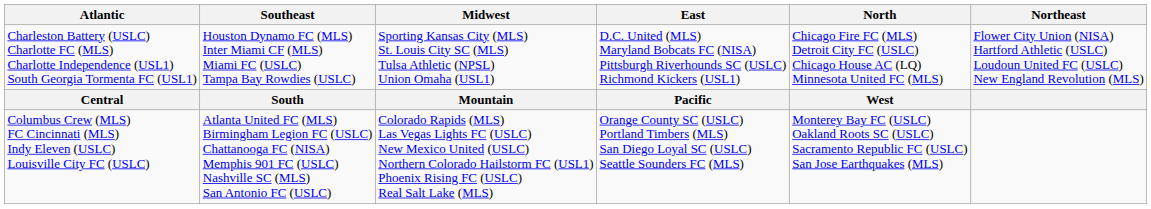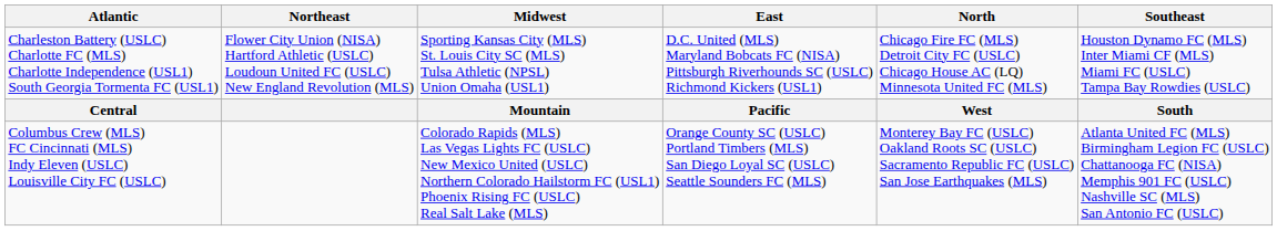 <table class="wikitable">
 <tr>
 <th>Atlantic</th>
-<th>Southeast</th>
+<th>Northeast</th>
 <th>Midwest</th>
 <th>East</th>
 <th>North</th>
-<th>Northeast</th>
+<th>Southeast</th>
 </tr>
 <tr valign=top>
 <td><a href='#'>Charleston Battery</a> (<a href='#'>USLC</a>)<br><a href='#'>Charlotte FC</a> (<a href='#'>MLS</a>)<br><a href='#'>Charlotte Independence</a> (<a href='#'>USL1</a>)<br><a href='#'>South Georgia Tormenta FC</a> (<a href='#'>USL1</a>)</td>
-<td><a href='#'>Houston Dynamo FC</a> (<a href='#'>MLS</a>)<br><a href='#'>Inter Miami CF</a> (<a href='#'>MLS</a>)<br><a href='#'>Miami FC</a> (<a href='#'>USLC</a>)<br><a href='#'>Tampa Bay Rowdies</a> (<a href='#'>USLC</a>)</td>
+<td><a href='#'>Flower City Union</a> (<a href='#'>NISA</a>)<br><a href='#'>Hartford Athletic</a> (<a href='#'>USLC</a>)<br><a href='#'>Loudoun United FC</a> (<a href='#'>USLC</a>)<br><a href='#'>New England Revolution</a> (<a href='#'>MLS</a>)</td>
 <td><a href='#'>Sporting Kansas City</a> (<a href='#'>MLS</a>)<br><a href='#'>St. Louis City SC</a> (<a href='#'>MLS</a>)<br><a href='#'>Tulsa Athletic</a> (<a href='#'>NPSL</a>)<br><a href='#'>Union Omaha</a> (<a href='#'>USL1</a>)</td>
 <td><a href='#'>D.C. United</a> (<a href='#'>MLS</a>)<br><a href='#'>Maryland Bobcats FC</a> (<a href='#'>NISA</a>)<br><a href='#'>Pittsburgh Riverhounds SC</a> (<a href='#'>USLC</a>)<br><a href='#'>Richmond Kickers</a> (<a href='#'>USL1</a>)</td>
 <td><a href='#'>Chicago Fire FC</a> (<a href='#'>MLS</a>)<br><a href='#'>Detroit City FC</a> (<a href='#'>USLC</a>)<br><a href='#'>Chicago House AC</a> (LQ)<br><a href='#'>Minnesota United FC</a> (<a href='#'>MLS</a>)</td>
-<td><a href='#'>Flower City Union</a> (<a href='#'>NISA</a>)<br><a href='#'>Hartford Athletic</a> (<a href='#'>USLC</a>)<br><a href='#'>Loudoun United FC</a> (<a href='#'>USLC</a>)<br><a href='#'>New England Revolution</a> (<a href='#'>MLS</a>)</td>
+<td><a href='#'>Houston Dynamo FC</a> (<a href='#'>MLS</a>)<br><a href='#'>Inter Miami CF</a> (<a href='#'>MLS</a>)<br><a href='#'>Miami FC</a> (<a href='#'>USLC</a>)<br><a href='#'>Tampa Bay Rowdies</a> (<a href='#'>USLC</a>)</td>
 </tr>
 <tr>
 <th>Central</th>
-<th>South</th>
+<th></th>
 <th>Mountain</th>
 <th>Pacific</th>
 <th>West</th>
-<th></th>
+<th>South</th>
 </tr>
 <tr valign=top>
 <td><a href='#'>Columbus Crew</a> (<a href='#'>MLS</a>)<br><a href='#'>FC Cincinnati</a> (<a href='#'>MLS</a>)<br><a href='#'>Indy Eleven</a> (<a href='#'>USLC</a>)<br><a href='#'>Louisville City FC</a> (<a href='#'>USLC</a>)</td>
-<td><a href='#'>Atlanta United FC</a> (<a href='#'>MLS</a>)<br><a href='#'>Birmingham Legion FC</a> (<a href='#'>USLC</a>)<br><a href='#'>Chattanooga FC</a> (<a href='#'>NISA</a>)<br><a href='#'>Memphis 901 FC</a> (<a href='#'>USLC</a>)<br><a href='#'>Nashville SC</a> (<a href='#'>MLS</a>)<br><a href='#'>San Antonio FC</a> (<a href='#'>USLC</a>)</td>
+<td></td>
 <td><a href='#'>Colorado Rapids</a> (<a href='#'>MLS</a>)<br><a href='#'>Las Vegas Lights FC</a> (<a href='#'>USLC</a>)<br><a href='#'>New Mexico United</a> (<a href='#'>USLC</a>)<br><a href='#'>Northern Colorado Hailstorm FC</a> (<a href='#'>USL1</a>)<br><a href='#'>Phoenix Rising FC</a> (<a href='#'>USLC</a>)<br><a href='#'>Real Salt Lake</a> (<a href='#'>MLS</a>)</td>
 <td><a href='#'>Orange County SC</a> (<a href='#'>USLC</a>)<br><a href='#'>Portland Timbers</a> (<a href='#'>MLS</a>)<br><a href='#'>San Diego Loyal SC</a> (<a href='#'>USLC</a>)<br><a href='#'>Seattle Sounders FC</a> (<a href='#'>MLS</a>)</td>
 <td><a href='#'>Monterey Bay FC</a> (<a href='#'>USLC</a>)<br><a href='#'>Oakland Roots SC</a> (<a href='#'>USLC</a>)<br><a href='#'>Sacramento Republic FC</a> (<a href='#'>USLC</a>)<br><a href='#'>San Jose Earthquakes</a> (<a href='#'>MLS</a>)</td>
-<td></td>
+<td><a href='#'>Atlanta United FC</a> (<a href='#'>MLS</a>)<br><a href='#'>Birmingham Legion FC</a> (<a href='#'>USLC</a>)<br><a href='#'>Chattanooga FC</a> (<a href='#'>NISA</a>)<br><a href='#'>Memphis 901 FC</a> (<a href='#'>USLC</a>)<br><a href='#'>Nashville SC</a> (<a href='#'>MLS</a>)<br><a href='#'>San Antonio FC</a> (<a href='#'>USLC</a>)</td>
 </tr>
 </table>
